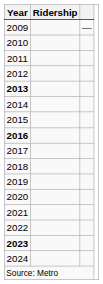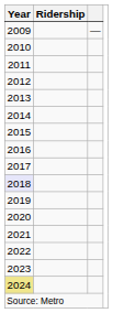 <table class="wikitable" style="border-spacing: 1px; text-align:center; font-size:95%;">
 <tr>
 <th style="border-bottom:1px solid black">Year</th>
 <th style="border-bottom:1px solid black">Ridership</th>
 <th style="border-bottom:1px solid black"></th>
 <th rowspan="18" style="background:#fff;"></th>
 </tr>
 <tr>
 <td>2009</td>
 <td></td>
 <td>—</td>
 </tr>
 <tr>
 <td>2010</td>
 <td></td>
 <td></td>
 </tr>
 <tr>
 <td>2011</td>
 <td></td>
 <td></td>
 </tr>
 <tr>
 <td>2012</td>
 <td></td>
 <td></td>
 </tr>
 <tr>
-<td><strong>2013</strong></td>
+<td>2013</td>
 <td></td>
 <td></td>
 </tr>
 <tr>
 <td>2014</td>
 <td></td>
 <td></td>
 </tr>
 <tr>
 <td>2015</td>
 <td></td>
 <td></td>
 </tr>
 <tr>
-<td><strong>2016</strong></td>
+<td>2016</td>
 <td></td>
 <td></td>
 </tr>
 <tr>
 <td>2017</td>
 <td></td>
 <td></td>
 </tr>
 <tr>
-<td>2018</td>
+<td style="background: lavender;">2018</td>
 <td></td>
 <td></td>
 </tr>
 <tr>
 <td>2019</td>
 <td></td>
 <td></td>
 </tr>
 <tr>
 <td>2020</td>
 <td></td>
 <td></td>
 </tr>
 <tr>
 <td>2021</td>
 <td></td>
 <td></td>
 </tr>
 <tr>
 <td>2022</td>
 <td></td>
 <td></td>
 </tr>
 <tr>
-<td><strong>2023</strong></td>
+<td>2023</td>
 <td></td>
 <td></td>
 </tr>
 <tr>
-<td>2024</td>
+<td style="background: khaki;">2024</td>
 <td></td>
 <td></td>
 </tr>
 <tr class="sortbottom">
 <td colspan="3" style="border-top:1px solid black; font-size:85%; text-align:left">Source: Metro</td>
 </tr>
 </table>
